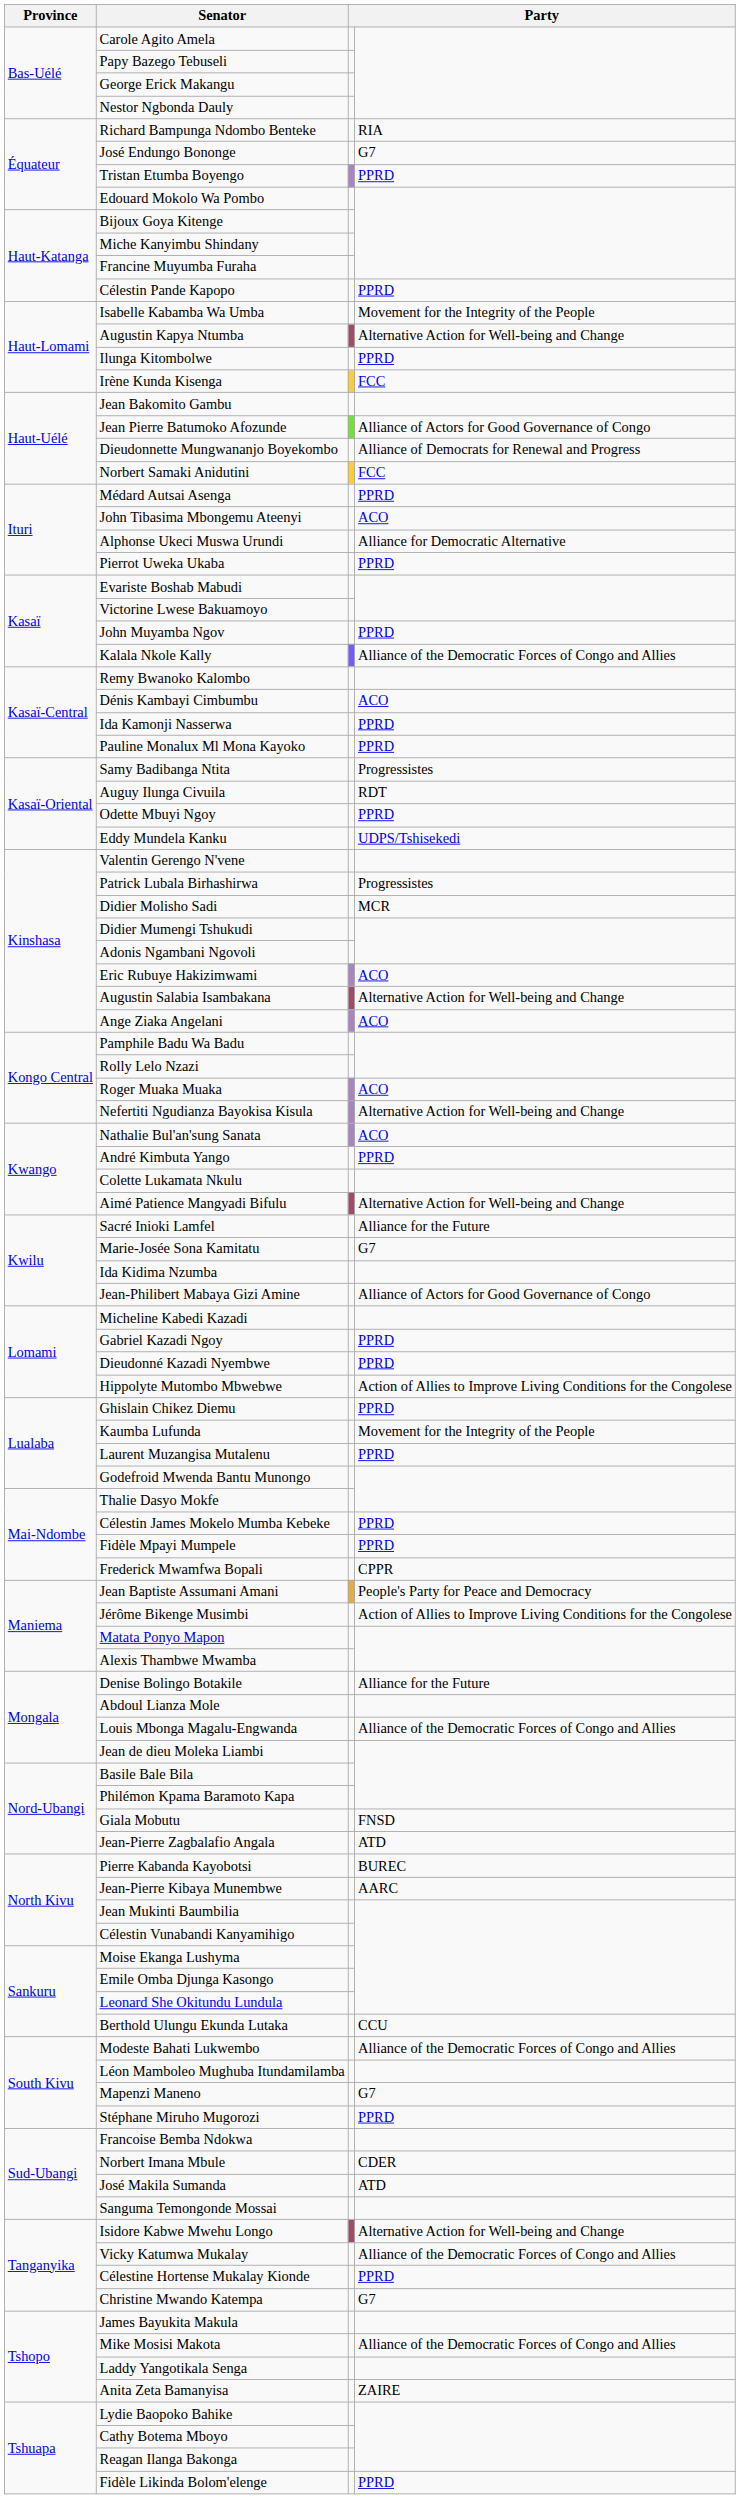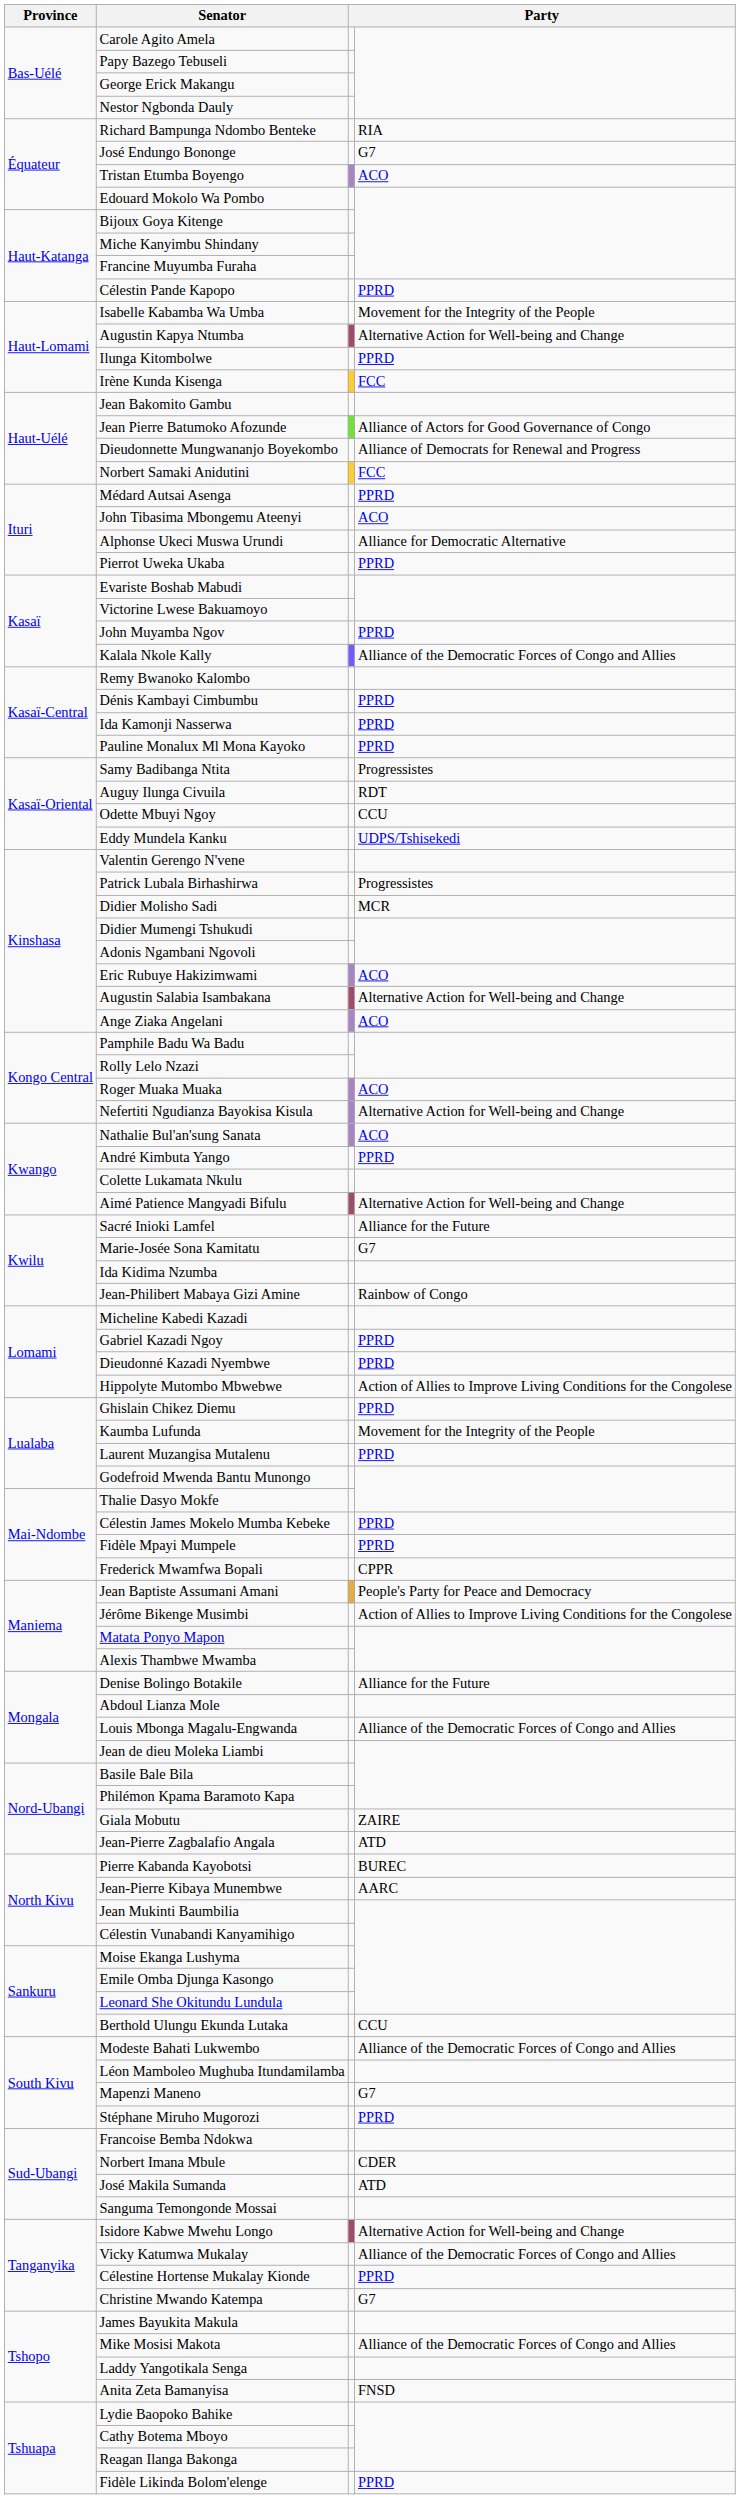 <table class="wikitable">
 <tr>
 <th valign="top">Province</th>
 <th valign="top">Senator</th>
 <th valign="top" colspan=2>Party</th>
 </tr>
 <tr>
 <td rowspan=4><a href='#'>Bas-Uélé</a></td>
 <td>Carole Agito Amela</td>
 <td></td>
 </tr>
 <tr>
 <td>Papy Bazego Tebuseli</td>
 <td></td>
 </tr>
 <tr>
 <td>George Erick Makangu</td>
 <td></td>
 </tr>
 <tr>
 <td>Nestor Ngbonda Dauly</td>
 <td></td>
 </tr>
 <tr>
 <td rowspan=4><a href='#'>Équateur</a></td>
 <td>Richard Bampunga Ndombo Benteke</td>
 <td></td>
 <td>RIA</td>
 </tr>
 <tr>
 <td>José Endungo Bononge</td>
 <td></td>
 <td>G7</td>
 </tr>
 <tr>
 <td>Tristan Etumba Boyengo</td>
 <td bgcolor=#A884C7></td>
-<td><a href='#'>PPRD</a></td>
+<td><a href='#'>ACO</a></td>
 </tr>
 <tr>
 <td>Edouard Mokolo Wa Pombo</td>
 <td></td>
 </tr>
 <tr>
 <td rowspan=4><a href='#'>Haut-Katanga</a></td>
 <td>Bijoux Goya Kitenge</td>
 <td></td>
 </tr>
 <tr>
 <td>Miche Kanyimbu Shindany</td>
 <td></td>
 </tr>
 <tr>
 <td>Francine Muyumba Furaha</td>
 <td></td>
 </tr>
 <tr>
 <td>Célestin Pande Kapopo</td>
 <td></td>
 <td><a href='#'>PPRD</a></td>
 </tr>
 <tr>
 <td rowspan=4><a href='#'>Haut-Lomami</a></td>
 <td>Isabelle Kabamba Wa Umba</td>
 <td></td>
 <td>Movement for the Integrity of the People</td>
 </tr>
 <tr>
 <td>Augustin Kapya Ntumba</td>
 <td bgcolor=#A24B68></td>
 <td>Alternative Action for Well-being and Change</td>
 </tr>
 <tr>
 <td>Ilunga Kitombolwe</td>
 <td></td>
 <td><a href='#'>PPRD</a></td>
 </tr>
 <tr>
 <td>Irène Kunda Kisenga</td>
 <td bgcolor=#FFCC33></td>
 <td><a href='#'>FCC</a></td>
 </tr>
 <tr>
 <td rowspan=4><a href='#'>Haut-Uélé</a></td>
 <td>Jean Bakomito Gambu</td>
 <td></td>
 </tr>
 <tr>
 <td>Jean Pierre Batumoko Afozunde</td>
 <td bgcolor=70E434></td>
 <td>Alliance of Actors for Good Governance of Congo</td>
 </tr>
 <tr>
 <td>Dieudonnette Mungwananjo Boyekombo</td>
 <td></td>
 <td>Alliance of Democrats for Renewal and Progress</td>
 </tr>
 <tr>
 <td>Norbert Samaki Anidutini</td>
 <td bgcolor=#FFCC33></td>
 <td><a href='#'>FCC</a></td>
 </tr>
 <tr>
 <td rowspan=4><a href='#'>Ituri</a></td>
 <td>Médard Autsai Asenga</td>
 <td></td>
 <td><a href='#'>PPRD</a></td>
 </tr>
 <tr>
 <td>John Tibasima Mbongemu Ateenyi</td>
 <td></td>
 <td><a href='#'>ACO</a></td>
 </tr>
 <tr>
 <td>Alphonse Ukeci Muswa Urundi</td>
 <td></td>
 <td>Alliance for Democratic Alternative</td>
 </tr>
 <tr>
 <td>Pierrot Uweka Ukaba</td>
 <td></td>
 <td><a href='#'>PPRD</a></td>
 </tr>
 <tr>
 <td rowspan=4><a href='#'>Kasaï</a></td>
 <td>Evariste Boshab Mabudi</td>
 <td></td>
 </tr>
 <tr>
 <td>Victorine Lwese Bakuamoyo</td>
 <td></td>
 </tr>
 <tr>
 <td>John Muyamba Ngov</td>
 <td></td>
 <td><a href='#'>PPRD</a></td>
 </tr>
 <tr>
 <td>Kalala Nkole Kally</td>
 <td bgcolor=#725CFF></td>
 <td>Alliance of the Democratic Forces of Congo and Allies</td>
 </tr>
 <tr>
 <td rowspan=4><a href='#'>Kasaï-Central</a></td>
 <td>Remy Bwanoko Kalombo</td>
 <td></td>
 </tr>
 <tr>
 <td>Dénis Kambayi Cimbumbu</td>
 <td></td>
-<td><a href='#'>ACO</a></td>
+<td><a href='#'>PPRD</a></td>
 </tr>
 <tr>
 <td>Ida Kamonji Nasserwa</td>
 <td></td>
 <td><a href='#'>PPRD</a></td>
 </tr>
 <tr>
 <td>Pauline Monalux Ml Mona Kayoko</td>
 <td></td>
 <td><a href='#'>PPRD</a></td>
 </tr>
 <tr>
 <td rowspan=4><a href='#'>Kasaï-Oriental</a></td>
 <td>Samy Badibanga Ntita</td>
 <td></td>
 <td>Progressistes</td>
 </tr>
 <tr>
 <td>Auguy Ilunga Civuila</td>
 <td></td>
 <td>RDT</td>
 </tr>
 <tr>
 <td>Odette Mbuyi Ngoy</td>
 <td></td>
-<td><a href='#'>PPRD</a></td>
+<td>CCU</td>
 </tr>
 <tr>
 <td>Eddy Mundela Kanku</td>
 <td></td>
 <td><a href='#'>UDPS/Tshisekedi</a></td>
 </tr>
 <tr>
 <td rowspan=8><a href='#'>Kinshasa</a></td>
 <td>Valentin Gerengo N'vene</td>
 <td></td>
 </tr>
 <tr>
 <td>Patrick Lubala Birhashirwa</td>
 <td></td>
 <td>Progressistes</td>
 </tr>
 <tr>
 <td>Didier Molisho Sadi</td>
 <td></td>
 <td>MCR</td>
 </tr>
 <tr>
 <td>Didier Mumengi Tshukudi</td>
 <td></td>
 </tr>
 <tr>
 <td>Adonis Ngambani Ngovoli</td>
 <td></td>
 </tr>
 <tr>
 <td>Eric Rubuye Hakizimwami</td>
 <td bgcolor=#A884C7></td>
 <td><a href='#'>ACO</a></td>
 </tr>
 <tr>
 <td>Augustin Salabia Isambakana</td>
 <td bgcolor=#A24B68></td>
 <td>Alternative Action for Well-being and Change</td>
 </tr>
 <tr>
 <td>Ange Ziaka Angelani</td>
 <td bgcolor=#A884C7></td>
 <td><a href='#'>ACO</a></td>
 </tr>
 <tr>
 <td rowspan=4><a href='#'>Kongo Central</a></td>
 <td>Pamphile Badu Wa Badu</td>
 <td></td>
 </tr>
 <tr>
 <td>Rolly Lelo Nzazi</td>
 <td></td>
 </tr>
 <tr>
 <td>Roger Muaka Muaka</td>
 <td bgcolor=#A884C7></td>
 <td><a href='#'>ACO</a></td>
 </tr>
 <tr>
 <td>Nefertiti Ngudianza Bayokisa Kisula</td>
 <td bgcolor=#A884C7></td>
 <td>Alternative Action for Well-being and Change</td>
 </tr>
 <tr>
 <td rowspan=4><a href='#'>Kwango</a></td>
 <td>Nathalie Bul'an'sung Sanata</td>
 <td bgcolor=#A884C7></td>
 <td><a href='#'>ACO</a></td>
 </tr>
 <tr>
 <td>André Kimbuta Yango</td>
 <td></td>
 <td><a href='#'>PPRD</a></td>
 </tr>
 <tr>
 <td>Colette Lukamata Nkulu</td>
 <td></td>
 </tr>
 <tr>
 <td>Aimé Patience Mangyadi Bifulu</td>
 <td bgcolor=#A24B68></td>
 <td>Alternative Action for Well-being and Change</td>
 </tr>
 <tr>
 <td rowspan=4><a href='#'>Kwilu</a></td>
 <td>Sacré Inioki Lamfel</td>
 <td></td>
 <td>Alliance for the Future</td>
 </tr>
 <tr>
 <td>Marie-Josée Sona Kamitatu</td>
 <td></td>
 <td>G7</td>
 </tr>
 <tr>
 <td>Ida Kidima Nzumba</td>
 <td></td>
 </tr>
 <tr>
 <td>Jean-Philibert Mabaya Gizi Amine</td>
 <td></td>
-<td>Alliance of Actors for Good Governance of Congo</td>
+<td>Rainbow of Congo</td>
 </tr>
 <tr>
 <td rowspan=4><a href='#'>Lomami</a></td>
 <td>Micheline Kabedi Kazadi</td>
 <td></td>
 </tr>
 <tr>
 <td>Gabriel Kazadi Ngoy</td>
 <td></td>
 <td><a href='#'>PPRD</a></td>
 </tr>
 <tr>
 <td>Dieudonné Kazadi Nyembwe</td>
 <td></td>
 <td><a href='#'>PPRD</a></td>
 </tr>
 <tr>
 <td>Hippolyte Mutombo Mbwebwe</td>
 <td></td>
 <td>Action of Allies to Improve Living Conditions for the Congolese</td>
 </tr>
 <tr>
 <td rowspan=4><a href='#'>Lualaba</a></td>
 <td>Ghislain Chikez Diemu</td>
 <td></td>
 <td><a href='#'>PPRD</a></td>
 </tr>
 <tr>
 <td>Kaumba Lufunda</td>
 <td></td>
 <td>Movement for the Integrity of the People</td>
 </tr>
 <tr>
 <td>Laurent Muzangisa Mutalenu</td>
 <td></td>
 <td><a href='#'>PPRD</a></td>
 </tr>
 <tr>
 <td>Godefroid Mwenda Bantu Munongo</td>
 <td></td>
 </tr>
 <tr>
 <td rowspan=4><a href='#'>Mai-Ndombe</a></td>
 <td>Thalie Dasyo Mokfe</td>
 <td></td>
 </tr>
 <tr>
 <td>Célestin James Mokelo Mumba Kebeke</td>
 <td></td>
 <td><a href='#'>PPRD</a></td>
 </tr>
 <tr>
 <td>Fidèle Mpayi Mumpele</td>
 <td></td>
 <td><a href='#'>PPRD</a></td>
 </tr>
 <tr>
 <td>Frederick Mwamfwa Bopali</td>
 <td></td>
 <td>CPPR</td>
 </tr>
 <tr>
 <td rowspan=4><a href='#'>Maniema</a></td>
 <td>Jean Baptiste Assumani Amani</td>
 <td bgcolor=#E5AC3F></td>
 <td>People's Party for Peace and Democracy</td>
 </tr>
 <tr>
 <td>Jérôme Bikenge Musimbi</td>
 <td></td>
 <td>Action of Allies to Improve Living Conditions for the Congolese</td>
 </tr>
 <tr>
 <td><a href='#'>Matata Ponyo Mapon</a></td>
 <td></td>
 </tr>
 <tr>
 <td>Alexis Thambwe Mwamba</td>
 <td></td>
 </tr>
 <tr>
 <td rowspan=4><a href='#'>Mongala</a></td>
 <td>Denise Bolingo Botakile</td>
 <td></td>
 <td>Alliance for the Future</td>
 </tr>
 <tr>
 <td>Abdoul Lianza Mole</td>
 <td></td>
 </tr>
 <tr>
 <td>Louis Mbonga Magalu-Engwanda</td>
 <td></td>
 <td>Alliance of the Democratic Forces of Congo and Allies</td>
 </tr>
 <tr>
 <td>Jean de dieu Moleka Liambi</td>
 <td></td>
 </tr>
 <tr>
 <td rowspan=4><a href='#'>Nord-Ubangi</a></td>
 <td>Basile Bale Bila</td>
 <td></td>
 </tr>
 <tr>
 <td>Philémon Kpama Baramoto Kapa</td>
 <td></td>
 </tr>
 <tr>
 <td>Giala Mobutu</td>
 <td></td>
-<td>FNSD</td>
+<td>ZAIRE</td>
 </tr>
 <tr>
 <td>Jean-Pierre Zagbalafio Angala</td>
 <td></td>
 <td>ATD</td>
 </tr>
 <tr>
 <td rowspan=4><a href='#'>North Kivu</a></td>
 <td>Pierre Kabanda Kayobotsi</td>
 <td></td>
 <td>BUREC</td>
 </tr>
 <tr>
 <td>Jean-Pierre Kibaya Munembwe</td>
 <td></td>
 <td>AARC</td>
 </tr>
 <tr>
 <td>Jean Mukinti Baumbilia</td>
 <td></td>
 </tr>
 <tr>
 <td>Célestin Vunabandi Kanyamihigo</td>
 <td></td>
 </tr>
 <tr>
 <td rowspan=4><a href='#'>Sankuru</a></td>
 <td>Moise Ekanga Lushyma</td>
 <td></td>
 </tr>
 <tr>
 <td>Emile Omba Djunga Kasongo</td>
 <td></td>
 </tr>
 <tr>
 <td><a href='#'>Leonard She Okitundu Lundula</a></td>
 <td></td>
 </tr>
 <tr>
 <td>Berthold Ulungu Ekunda Lutaka</td>
 <td></td>
 <td>CCU</td>
 </tr>
 <tr>
 <td rowspan=4><a href='#'>South Kivu</a></td>
 <td>Modeste Bahati Lukwembo</td>
 <td></td>
 <td>Alliance of the Democratic Forces of Congo and Allies</td>
 </tr>
 <tr>
 <td>Léon Mamboleo Mughuba Itundamilamba</td>
 <td></td>
 </tr>
 <tr>
 <td>Mapenzi Maneno</td>
 <td></td>
 <td>G7</td>
 </tr>
 <tr>
 <td>Stéphane Miruho Mugorozi</td>
 <td></td>
 <td><a href='#'>PPRD</a></td>
 </tr>
 <tr>
 <td rowspan=4><a href='#'>Sud-Ubangi</a></td>
 <td>Francoise Bemba Ndokwa</td>
 <td></td>
 </tr>
 <tr>
 <td>Norbert Imana Mbule</td>
 <td></td>
 <td>CDER</td>
 </tr>
 <tr>
 <td>José Makila Sumanda</td>
 <td></td>
 <td>ATD</td>
 </tr>
 <tr>
 <td>Sanguma Temongonde Mossai</td>
 <td></td>
 </tr>
 <tr>
 <td rowspan=4><a href='#'>Tanganyika</a></td>
 <td>Isidore Kabwe Mwehu Longo</td>
 <td bgcolor=#A24B68></td>
 <td>Alternative Action for Well-being and Change</td>
 </tr>
 <tr>
 <td>Vicky Katumwa Mukalay</td>
 <td></td>
 <td>Alliance of the Democratic Forces of Congo and Allies</td>
 </tr>
 <tr>
 <td>Célestine Hortense Mukalay Kionde</td>
 <td></td>
 <td><a href='#'>PPRD</a></td>
 </tr>
 <tr>
 <td>Christine Mwando Katempa</td>
 <td></td>
 <td>G7</td>
 </tr>
 <tr>
 <td rowspan=4><a href='#'>Tshopo</a></td>
 <td>James Bayukita Makula</td>
 <td></td>
 </tr>
 <tr>
 <td>Mike Mosisi Makota</td>
 <td></td>
 <td>Alliance of the Democratic Forces of Congo and Allies</td>
 </tr>
 <tr>
 <td>Laddy Yangotikala Senga</td>
 <td></td>
 </tr>
 <tr>
 <td>Anita Zeta Bamanyisa</td>
 <td></td>
-<td>ZAIRE</td>
+<td>FNSD</td>
 </tr>
 <tr>
 <td rowspan=4><a href='#'>Tshuapa</a></td>
 <td>Lydie Baopoko Bahike</td>
 <td></td>
 </tr>
 <tr>
 <td>Cathy Botema Mboyo</td>
 <td></td>
 </tr>
 <tr>
 <td>Reagan Ilanga Bakonga</td>
 <td></td>
 </tr>
 <tr>
 <td>Fidèle Likinda Bolom'elenge</td>
 <td></td>
 <td><a href='#'>PPRD</a></td>
 </tr>
 </table>
